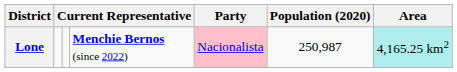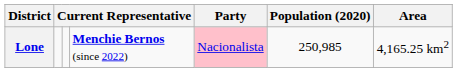 <table class="wikitable sortable" style="margin: 1em auto; font-size:100%; line-height:20px; text-align:center">
 <tr>
 <th>District</th>
 <th colspan="3">Current Representative</th>
 <th>Party</th>
 <th>Population (2020)</th>
 <th>Area</th>
 </tr>
 <tr>
 <th><a href='#'>Lone</a></th>
 <td style="background:"></td>
 <td></td>
 <td style="text-align:left;"><strong><a href='#'>Menchie Bernos</a></strong><br><small>(since <a href='#'>2022</a>)</small></td>
 <td style="background: pink;"><a href='#'>Nacionalista</a></td>
-<td>250,987</td>
-<td style="background: paleturquoise;">4,165.25 km<sup>2</sup></td>
+<td>250,985</td>
+<td>4,165.25 km<sup>2</sup></td>
 </tr>
 </table>
